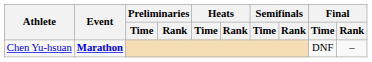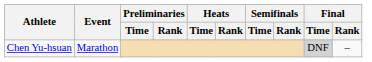 <table class=wikitable style="font-size:90%;">
 <tr>
 <th rowspan="2">Athlete</th>
 <th rowspan="2">Event</th>
 <th colspan="2">Preliminaries</th>
 <th colspan="2">Heats</th>
 <th colspan="2">Semifinals</th>
 <th colspan="2">Final</th>
 </tr>
 <tr>
 <th>Time</th>
 <th>Rank</th>
 <th>Time</th>
 <th>Rank</th>
 <th>Time</th>
 <th>Rank</th>
 <th>Time</th>
 <th>Rank</th>
 </tr>
 <tr style="border-top: single;">
 <td><a href='#'>Chen Yu-hsuan</a></td>
-<td><strong><a href='#'>Marathon</a></strong></td>
+<td><a href='#'>Marathon</a></td>
 <td colspan= 6 bgcolor="wheat"></td>
-<td align=center>DNF</td>
+<td align=center style="background: lightgrey;">DNF</td>
 <td align=center>–</td>
 </tr>
 </table>
